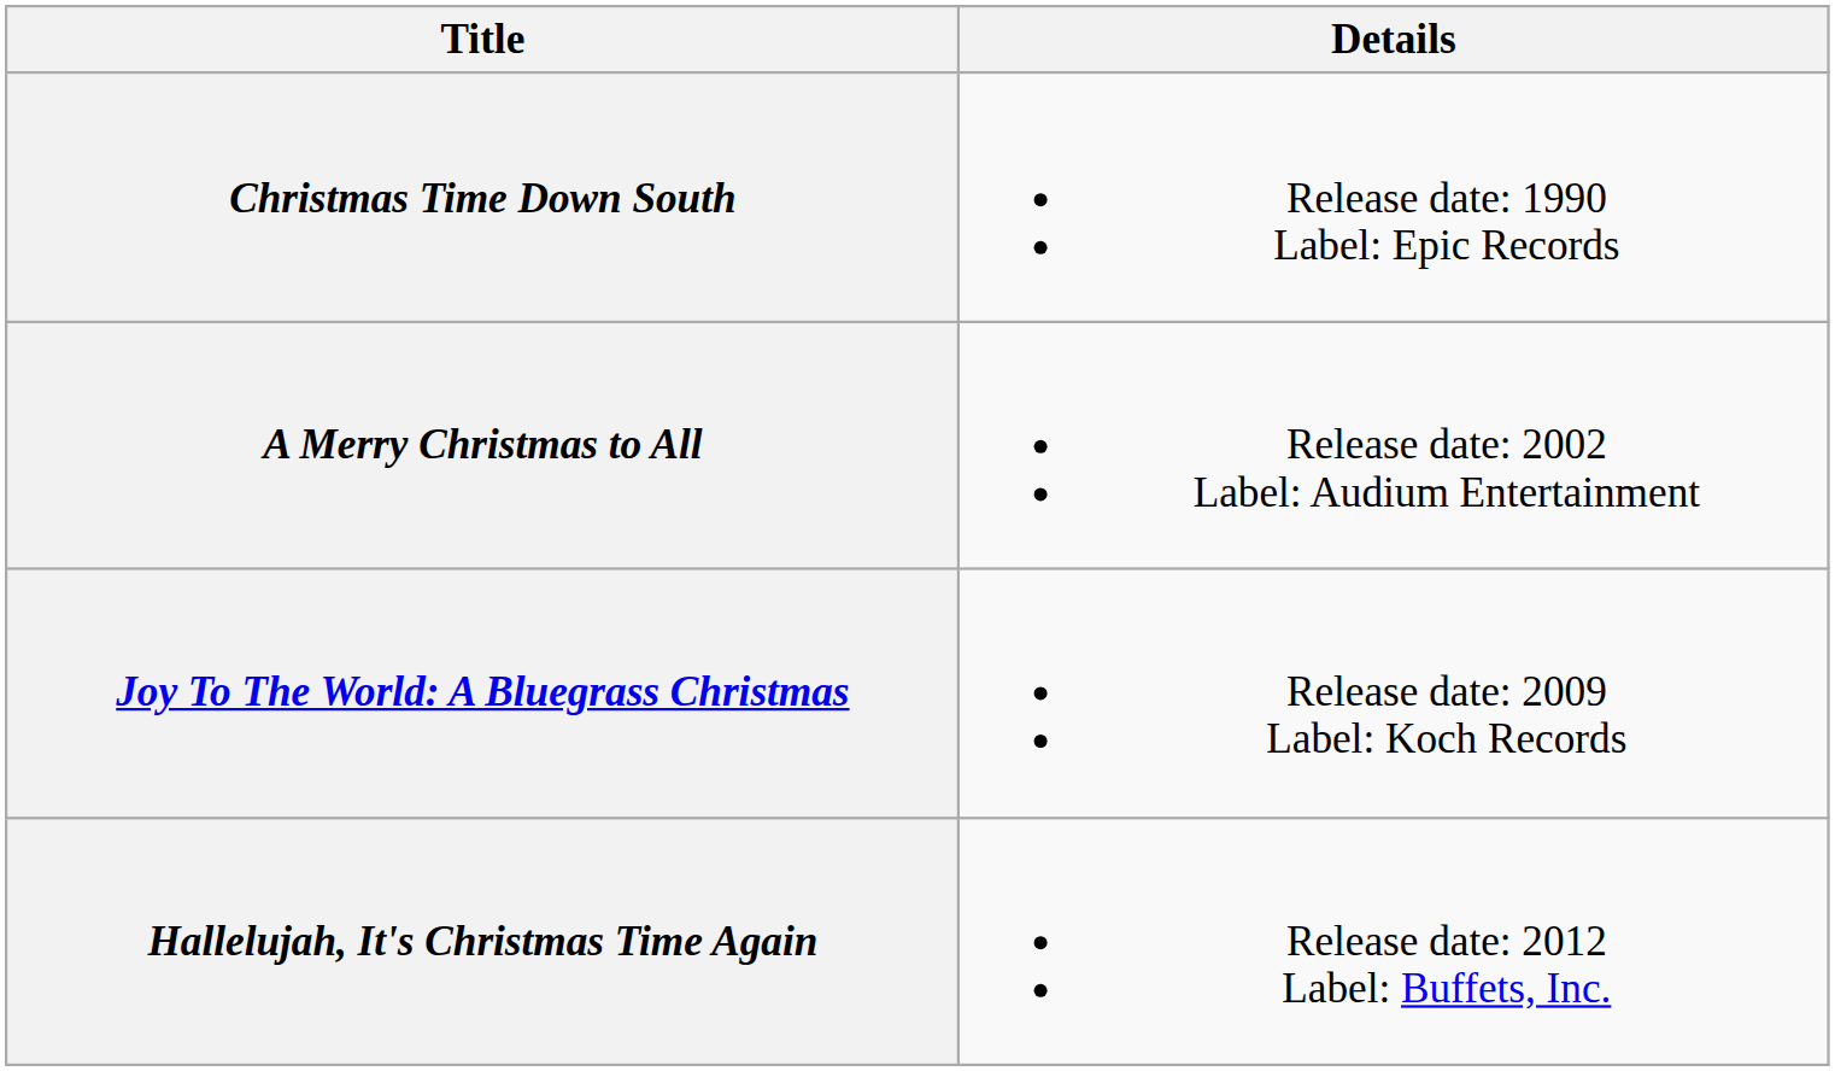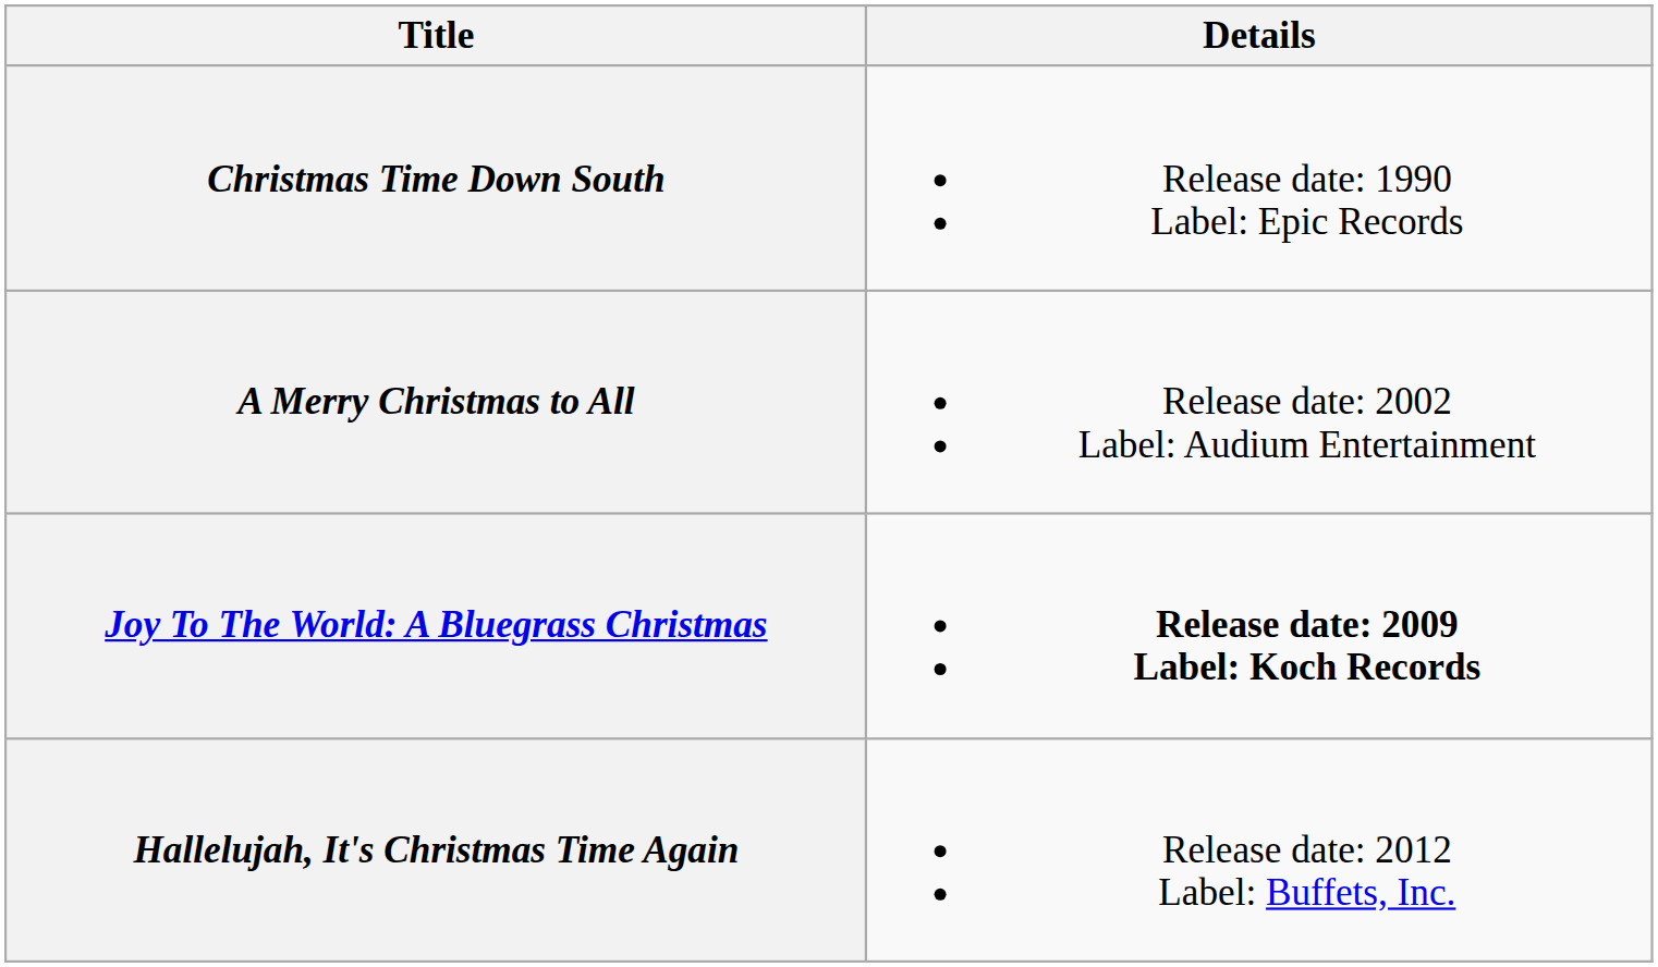 <table class="wikitable plainrowheaders" style="text-align:center;">
 <tr>
 <th style="width:22em;">Title</th>
 <th style="width:20em;">Details</th>
 </tr>
 <tr>
 <th scope="row"><em>Christmas Time Down South</em></th>
 <td><br><ul><li>Release date: 1990</li><li>Label: Epic Records</li></ul></td>
 </tr>
 <tr>
 <th scope="row"><em>A Merry Christmas to All</em></th>
 <td><br><ul><li>Release date: 2002</li><li>Label: Audium Entertainment</li></ul></td>
 </tr>
 <tr>
 <th scope="row"><em><a href='#'>Joy To The World: A Bluegrass Christmas</a></em></th>
-<td><br><ul><li>Release date: 2009</li><li>Label: Koch Records</li></ul></td>
+<td><strong><br><ul><li>Release date: 2009</li><li>Label: Koch Records</li></ul></strong></td>
 </tr>
 <tr>
 <th scope="row"><em>Hallelujah, It's Christmas Time Again</em></th>
 <td><br><ul><li>Release date: 2012</li><li>Label: <a href='#'>Buffets, Inc.</a></li></ul></td>
 </tr>
 </table>
